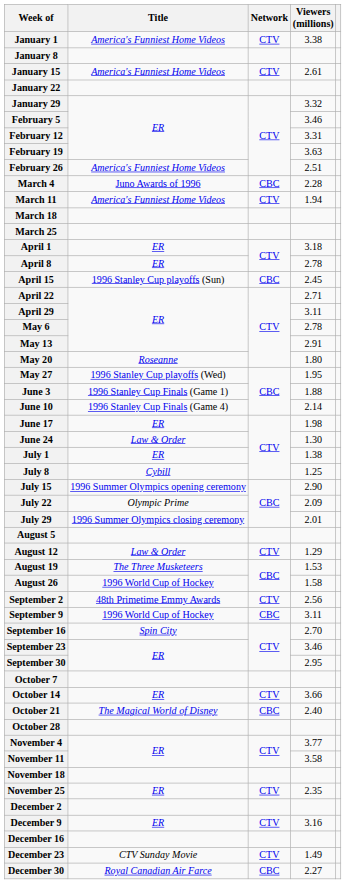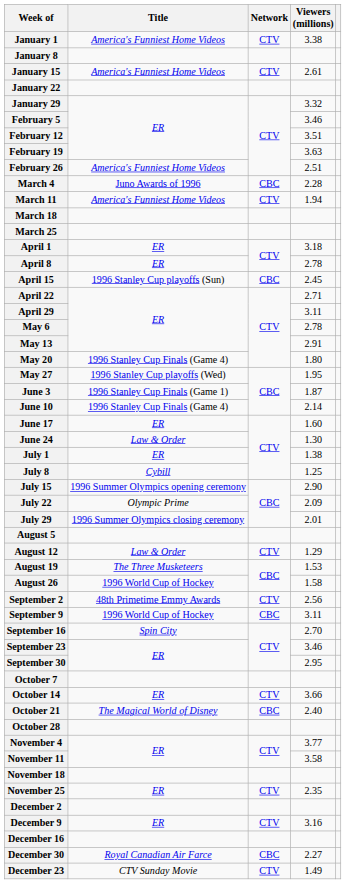 <table class="wikitable sortable plainrowheaders" style="text-align: center; display: inline-table;">
 <tr>
 <th scope="col">Week of</th>
 <th scope="col">Title</th>
 <th scope="col">Network</th>
 <th scope="col">Viewers<br>(millions)</th>
 <th scope="col" class="unsortable"></th>
 </tr>
 <tr>
 <th scope="row">January 1</th>
 <td><em><a href='#'>America's Funniest Home Videos</a></em></td>
 <td><a href='#'>CTV</a></td>
 <td>3.38</td>
 <td></td>
 </tr>
 <tr>
 <th scope="row">January 8</th>
 <td></td>
 <td></td>
 <td></td>
 <td></td>
 </tr>
 <tr>
 <th scope="row">January 15</th>
 <td><em><a href='#'>America's Funniest Home Videos</a></em></td>
 <td><a href='#'>CTV</a></td>
 <td>2.61</td>
 <td></td>
 </tr>
 <tr>
 <th scope="row">January 22</th>
 <td></td>
 <td></td>
 <td></td>
 <td></td>
 </tr>
 <tr>
 <th scope="row">January 29</th>
 <td rowspan="4"><em><a href='#'>ER</a></em></td>
 <td rowspan="5"><a href='#'>CTV</a></td>
 <td>3.32</td>
 <td></td>
 </tr>
 <tr>
 <th scope="row">February 5</th>
 <td>3.46</td>
 <td></td>
 </tr>
 <tr>
 <th scope="row">February 12</th>
-<td>3.31</td>
+<td>3.51</td>
 <td></td>
 </tr>
 <tr>
 <th scope="row">February 19</th>
 <td>3.63</td>
 <td></td>
 </tr>
 <tr>
 <th scope="row">February 26</th>
 <td><em><a href='#'>America's Funniest Home Videos</a></em></td>
 <td>2.51</td>
 <td></td>
 </tr>
 <tr>
 <th scope="row">March 4</th>
 <td><a href='#'>Juno Awards of 1996</a></td>
 <td><a href='#'>CBC</a></td>
 <td>2.28</td>
 <td></td>
 </tr>
 <tr>
 <th scope="row">March 11</th>
 <td><em><a href='#'>America's Funniest Home Videos</a></em></td>
 <td><a href='#'>CTV</a></td>
 <td>1.94</td>
 <td></td>
 </tr>
 <tr>
 <th scope="row">March 18</th>
 <td></td>
 <td></td>
 <td></td>
 <td></td>
 </tr>
 <tr>
 <th scope="row">March 25</th>
 <td></td>
 <td></td>
 <td></td>
 <td></td>
 </tr>
 <tr>
 <th scope="row">April 1</th>
 <td><em><a href='#'>ER</a></em></td>
 <td rowspan="2"><a href='#'>CTV</a></td>
 <td>3.18</td>
 <td></td>
 </tr>
 <tr>
 <th scope="row">April 8</th>
 <td><em><a href='#'>ER</a></em></td>
 <td>2.78</td>
 <td></td>
 </tr>
 <tr>
 <th scope="row">April 15</th>
 <td><a href='#'>1996 Stanley Cup playoffs</a> (Sun)</td>
 <td><a href='#'>CBC</a></td>
 <td>2.45</td>
 <td></td>
 </tr>
 <tr>
 <th scope="row">April 22</th>
 <td rowspan="4"><em><a href='#'>ER</a></em></td>
 <td rowspan="5"><a href='#'>CTV</a></td>
 <td>2.71</td>
 <td></td>
 </tr>
 <tr>
 <th scope="row">April 29</th>
 <td>3.11</td>
 <td></td>
 </tr>
 <tr>
 <th scope="row">May 6</th>
 <td>2.78</td>
 <td></td>
 </tr>
 <tr>
 <th scope="row">May 13</th>
 <td>2.91</td>
 <td></td>
 </tr>
 <tr>
 <th scope="row">May 20</th>
-<td><em><a href='#'>Roseanne</a></em></td>
+<td><a href='#'>1996  Stanley Cup Finals</a> (Game 4)</td>
 <td>1.80</td>
 <td></td>
 </tr>
 <tr>
 <th scope="row">May 27</th>
 <td><a href='#'>1996  Stanley Cup playoffs</a> (Wed)</td>
 <td rowspan="3"><a href='#'>CBC</a></td>
 <td>1.95</td>
 <td></td>
 </tr>
 <tr>
 <th scope="row">June 3</th>
 <td><a href='#'>1996  Stanley Cup Finals</a> (Game 1)</td>
-<td>1.88</td>
+<td>1.87</td>
 <td></td>
 </tr>
 <tr>
 <th scope="row">June 10</th>
 <td><a href='#'>1996  Stanley Cup Finals</a> (Game 4)</td>
 <td>2.14</td>
 <td></td>
 </tr>
 <tr>
 <th scope="row">June 17</th>
 <td><em><a href='#'>ER</a></em></td>
 <td rowspan="4"><a href='#'>CTV</a></td>
-<td>1.98</td>
+<td>1.60</td>
 <td></td>
 </tr>
 <tr>
 <th scope="row">June 24</th>
 <td><em><a href='#'>Law & Order</a></em></td>
 <td>1.30</td>
 <td></td>
 </tr>
 <tr>
 <th scope="row">July 1</th>
 <td><em><a href='#'>ER</a></em></td>
 <td>1.38</td>
 <td></td>
 </tr>
 <tr>
 <th scope="row">July 8</th>
 <td><em><a href='#'>Cybill</a></em></td>
 <td>1.25</td>
 <td></td>
 </tr>
 <tr>
 <th scope="row">July 15</th>
 <td><a href='#'>1996 Summer Olympics opening ceremony</a></td>
 <td rowspan="3"><a href='#'>CBC</a></td>
 <td>2.90</td>
 <td></td>
 </tr>
 <tr>
 <th scope="row">July 22</th>
 <td><em>Olympic Prime</em></td>
 <td>2.09</td>
 <td></td>
 </tr>
 <tr>
 <th scope="row">July 29</th>
 <td><a href='#'>1996 Summer Olympics closing ceremony</a></td>
 <td>2.01</td>
 <td></td>
 </tr>
 <tr>
 <th scope="row">August 5</th>
 <td></td>
 <td></td>
 <td></td>
 <td></td>
 </tr>
 <tr>
 <th scope="row">August 12</th>
 <td><em><a href='#'>Law & Order</a></em></td>
 <td><a href='#'>CTV</a></td>
 <td>1.29</td>
 <td></td>
 </tr>
 <tr>
 <th scope="row">August 19</th>
 <td><em><a href='#'>The Three Musketeers</a></em></td>
 <td rowspan="2"><a href='#'>CBC</a></td>
 <td>1.53</td>
 <td></td>
 </tr>
 <tr>
 <th scope="row">August 26</th>
 <td><a href='#'>1996 World Cup of Hockey</a></td>
 <td>1.58</td>
 <td></td>
 </tr>
 <tr>
 <th scope="row">September 2</th>
 <td><a href='#'>48th Primetime Emmy Awards</a></td>
 <td><a href='#'>CTV</a></td>
 <td>2.56</td>
 <td></td>
 </tr>
 <tr>
 <th scope="row">September 9</th>
 <td><a href='#'>1996 World Cup of Hockey</a></td>
 <td><a href='#'>CBC</a></td>
 <td>3.11</td>
 <td></td>
 </tr>
 <tr>
 <th scope="row">September 16</th>
 <td><em><a href='#'>Spin City</a></em></td>
 <td rowspan="3"><a href='#'>CTV</a></td>
 <td>2.70</td>
 <td></td>
 </tr>
 <tr>
 <th scope="row">September 23</th>
 <td rowspan="2"><em><a href='#'>ER</a></em></td>
 <td>3.46</td>
 <td></td>
 </tr>
 <tr>
 <th scope="row">September 30</th>
 <td>2.95</td>
 <td></td>
 </tr>
 <tr>
 <th scope="row">October 7</th>
 <td></td>
 <td></td>
 <td></td>
 <td></td>
 </tr>
 <tr>
 <th scope="row">October 14</th>
 <td><em><a href='#'>ER</a></em></td>
 <td><a href='#'>CTV</a></td>
 <td>3.66</td>
 <td></td>
 </tr>
 <tr>
 <th scope="row">October 21</th>
 <td><em><a href='#'>The Magical World of Disney</a></em></td>
 <td><a href='#'>CBC</a></td>
 <td>2.40</td>
 <td></td>
 </tr>
 <tr>
 <th scope="row">October 28</th>
 <td></td>
 <td></td>
 <td></td>
 <td></td>
 </tr>
 <tr>
 <th scope="row">November 4</th>
 <td rowspan="2"><em><a href='#'>ER</a></em></td>
 <td rowspan="2"><a href='#'>CTV</a></td>
 <td>3.77</td>
 <td></td>
 </tr>
 <tr>
 <th scope="row">November 11</th>
 <td>3.58</td>
 <td></td>
 </tr>
 <tr>
 <th scope="row">November 18</th>
 <td></td>
 <td></td>
 <td></td>
 <td></td>
 </tr>
 <tr>
 <th scope="row">November 25</th>
 <td><em><a href='#'>ER</a></em></td>
 <td><a href='#'>CTV</a></td>
 <td>2.35</td>
 <td></td>
 </tr>
 <tr>
 <th scope="row">December 2</th>
 <td></td>
 <td></td>
 <td></td>
 <td></td>
 </tr>
 <tr>
 <th scope="row">December 9</th>
 <td><em><a href='#'>ER</a></em></td>
 <td><a href='#'>CTV</a></td>
 <td>3.16</td>
 <td></td>
 </tr>
 <tr>
 <th scope="row">December 16</th>
 <td></td>
 <td></td>
 <td></td>
 <td></td>
 </tr>
 <tr>
+<th scope="row">December 30</th>
+<td><em><a href='#'>Royal Canadian Air Farce</a></em></td>
+<td><a href='#'>CBC</a></td>
+<td>2.27</td>
+<td></td>
+</tr>
+<tr>
 <th scope="row">December 23</th>
 <td><em>CTV Sunday Movie</em></td>
 <td><a href='#'>CTV</a></td>
 <td>1.49</td>
 <td></td>
 </tr>
-<tr>
-<th scope="row">December 30</th>
-<td><em><a href='#'>Royal Canadian Air Farce</a></em></td>
-<td><a href='#'>CBC</a></td>
-<td>2.27</td>
-<td></td>
-</tr>
 </table>
